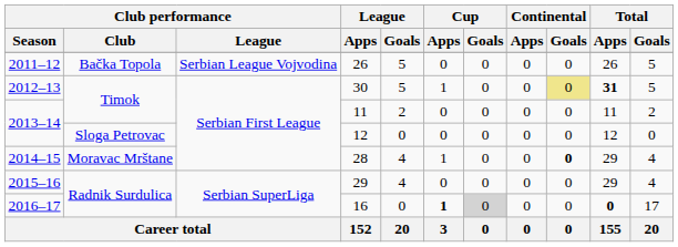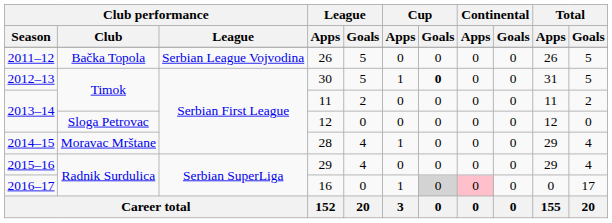 <table class="wikitable" style="text-align:center">
 <tr>
 <th colspan=3>Club performance</th>
 <th colspan=2>League</th>
 <th colspan=2>Cup</th>
 <th colspan=2>Continental</th>
 <th colspan=2>Total</th>
 </tr>
 <tr>
 <th>Season</th>
 <th>Club</th>
 <th>League</th>
 <th>Apps</th>
 <th>Goals</th>
 <th>Apps</th>
 <th>Goals</th>
 <th>Apps</th>
 <th>Goals</th>
 <th>Apps</th>
 <th>Goals</th>
 </tr>
 <tr>
 </tr>
 <tr>
 <td><a href='#'>2011–12</a></td>
 <td><a href='#'>Bačka Topola</a></td>
 <td><a href='#'>Serbian League Vojvodina</a></td>
 <td>26</td>
 <td>5</td>
 <td>0</td>
 <td>0</td>
 <td>0</td>
 <td>0</td>
 <td>26</td>
 <td>5</td>
 </tr>
 <tr>
 <td><a href='#'>2012–13</a></td>
 <td rowspan="2"><a href='#'>Timok</a></td>
 <td rowspan="4"><a href='#'>Serbian First League</a></td>
 <td>30</td>
 <td>5</td>
 <td>1</td>
+<td><strong>0</strong></td>
 <td>0</td>
 <td>0</td>
-<td style="background: khaki;">0</td>
-<td><strong>31</strong></td>
+<td>31</td>
 <td>5</td>
 </tr>
 <tr>
 <td rowspan="2"><a href='#'>2013–14</a></td>
 <td>11</td>
 <td>2</td>
 <td>0</td>
 <td>0</td>
 <td>0</td>
 <td>0</td>
 <td>11</td>
 <td>2</td>
 </tr>
 <tr>
 <td><a href='#'>Sloga Petrovac</a></td>
 <td>12</td>
 <td>0</td>
 <td>0</td>
 <td>0</td>
 <td>0</td>
 <td>0</td>
 <td>12</td>
 <td>0</td>
 </tr>
 <tr>
 <td><a href='#'>2014–15</a></td>
 <td><a href='#'>Moravac Mrštane</a></td>
 <td>28</td>
 <td>4</td>
 <td>1</td>
 <td>0</td>
 <td>0</td>
-<td><strong>0</strong></td>
+<td>0</td>
 <td>29</td>
 <td>4</td>
 </tr>
 <tr>
 <td><a href='#'>2015–16</a></td>
 <td rowspan="2"><a href='#'>Radnik Surdulica</a></td>
 <td rowspan="2"><a href='#'>Serbian SuperLiga</a></td>
 <td>29</td>
 <td>4</td>
 <td>0</td>
 <td>0</td>
 <td>0</td>
 <td>0</td>
 <td>29</td>
 <td>4</td>
 </tr>
 <tr>
 <td><a href='#'>2016–17</a></td>
 <td>16</td>
 <td>0</td>
-<td><strong>1</strong></td>
+<td>1</td>
 <td style="background: lightgrey;">0</td>
+<td style="background: pink;">0</td>
 <td>0</td>
 <td>0</td>
-<td><strong>0</strong></td>
 <td>17</td>
 </tr>
 <tr>
 <th colspan=3>Career total</th>
 <th>152</th>
 <th>20</th>
 <th>3</th>
 <th>0</th>
 <th>0</th>
 <th>0</th>
 <th>155</th>
 <th>20</th>
 </tr>
 </table>
